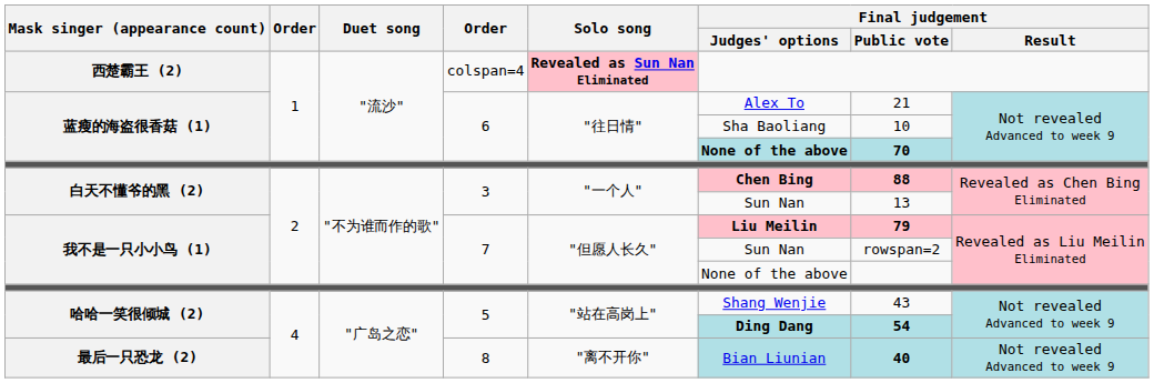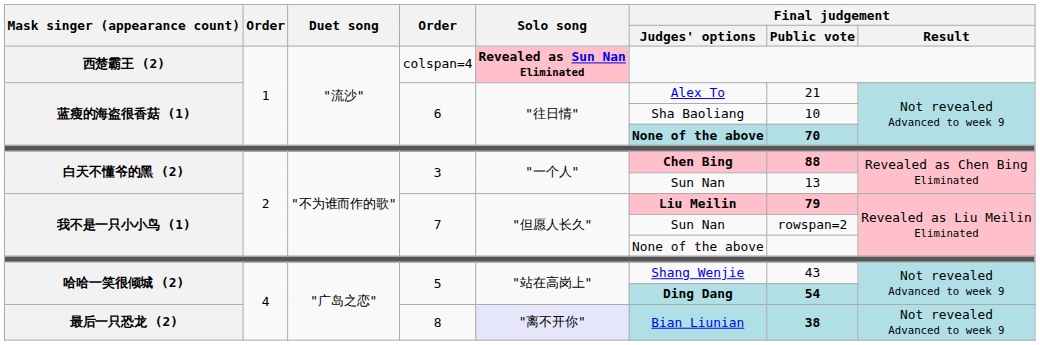 <table class="wikitable plainrowheaders" style="text-align:center;">
 <tr>
 <th rowspan=2 scope="col">Mask singer (appearance count)</th>
 <th rowspan=2 scope="col">Order</th>
 <th rowspan=2 scope="col">Duet song</th>
 <th rowspan=2 scope="col">Order</th>
 <th rowspan=2 scope="col">Solo song</th>
 <th scope="col" colspan=3>Final judgement</th>
 </tr>
 <tr>
 <th scope="col">Judges' options</th>
 <th scope="col">Public vote</th>
 <th scope="col">Result</th>
 </tr>
 <tr>
 <th scope="row">西楚霸王 (2)</th>
 <td rowspan=4>1</td>
 <td rowspan=4>"流沙"</td>
 <td>colspan=4 </td>
 <td style="background:pink;"><strong>Revealed as <a href='#'>Sun Nan</a><br><small>Eliminated</small></strong></td>
 </tr>
 <tr>
 <th rowspan=3 scope="row">蓝瘦的海盗很香菇 (1)</th>
 <td rowspan=3>6</td>
 <td rowspan=3>"往日情"</td>
 <td><a href='#'>Alex To</a></td>
 <td>21</td>
 <td style="background:#B0E0E6;" rowspan=3>Not revealed<br><small>Advanced to week 9</small></td>
 </tr>
 <tr>
 <td>Sha Baoliang</td>
 <td>10</td>
 </tr>
 <tr style="background:#B0E0E6;">
 <td><strong>None of the above</strong></td>
 <td><strong>70</strong></td>
 </tr>
 <tr>
 <td colspan="8" style="background:#555;"></td>
 </tr>
 <tr>
 <th rowspan=2 scope="row">白天不懂爷的黑 (2)</th>
 <td rowspan=5>2</td>
 <td rowspan=5>"不为谁而作的歌"</td>
 <td rowspan=2>3</td>
 <td rowspan=2>"一个人"</td>
 <td style="background:pink;"><strong>Chen Bing</strong></td>
 <td style="background:pink;"><strong>88</strong></td>
 <td style="background:pink;" rowspan=2>Revealed as Chen Bing<br><small>Eliminated</small></td>
 </tr>
 <tr>
 <td>Sun Nan</td>
 <td>13</td>
 </tr>
 <tr>
 <th rowspan=3 scope="row">我不是一只小小鸟 (1) </th>
 <td rowspan=3>7</td>
 <td rowspan=3>"但愿人长久"</td>
 <td style="background:pink;"><strong>Liu Meilin</strong></td>
 <td style="background:pink;"><strong>79</strong></td>
 <td style="background:pink;" rowspan=3>Revealed as Liu Meilin<br><small>Eliminated</small></td>
 </tr>
 <tr>
 <td>Sun Nan</td>
 <td>rowspan=2 </td>
 </tr>
 <tr>
 <td>None of the above</td>
 </tr>
 <tr>
 <td colspan="8" style="background:#555;"></td>
 </tr>
 <tr>
 <th rowspan=2 scope="row">哈哈一笑很倾城 (2)</th>
 <td rowspan=3>4</td>
 <td rowspan=3>"广岛之恋"</td>
 <td rowspan=2>5</td>
 <td rowspan=2>"站在高岗上"</td>
 <td><a href='#'>Shang Wenjie</a></td>
 <td>43</td>
 <td style="background:#B0E0E6;" rowspan=2>Not revealed<br><small>Advanced to week 9</small></td>
 </tr>
 <tr>
 <td style="background:#B0E0E6;"><strong>Ding Dang</strong></td>
 <td style="background:#B0E0E6;"><strong>54</strong></td>
 </tr>
 <tr>
 <th scope="row">最后一只恐龙 (2)</th>
 <td>8</td>
-<td>"离不开你"</td>
+<td style="background: lavender;">"离不开你"</td>
 <td style="background:#B0E0E6;"><a href='#'>Bian Liunian</a></td>
-<td style="background:#B0E0E6;"><strong>40</strong></td>
+<td style="background:#B0E0E6;"><strong>38</strong></td>
 <td style="background:#B0E0E6;">Not revealed<br><small>Advanced to week 9</small></td>
 </tr>
 </table>
